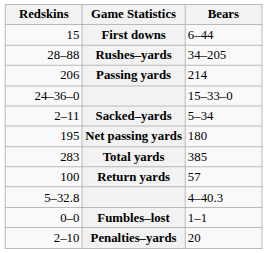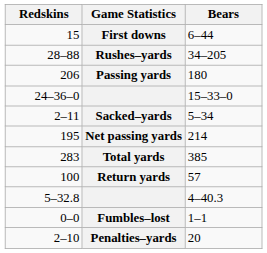 <table class="wikitable" style="margin: 1em auto 1em auto">
 <tr>
 <th style="width:30%;">Redskins</th>
 <th style="width:40%;">Game Statistics</th>
 <th style="width:30%;">Bears</th>
 </tr>
 <tr>
 <td style="text-align:right;">15</td>
 <th>First downs</th>
 <td>6–44</td>
 </tr>
 <tr>
 <td style="text-align:right;">28–88</td>
 <th>Rushes–yards</th>
 <td>34–205</td>
 </tr>
 <tr>
 <td style="text-align:right;">206</td>
 <th>Passing yards</th>
-<td>214</td>
+<td>180</td>
 </tr>
 <tr>
 <td style="text-align:right;">24–36–0</td>
 <th></th>
 <td>15–33–0</td>
 </tr>
 <tr>
 <td style="text-align:right;">2–11</td>
 <th>Sacked–yards</th>
 <td>5–34</td>
 </tr>
 <tr>
 <td style="text-align:right;">195</td>
 <th>Net passing yards</th>
-<td>180</td>
+<td>214</td>
 </tr>
 <tr>
 <td style="text-align:right;">283</td>
 <th>Total yards</th>
 <td>385</td>
 </tr>
 <tr>
 <td style="text-align:right;">100</td>
 <th>Return yards</th>
 <td>57</td>
 </tr>
 <tr>
 <td style="text-align:right;">5–32.8</td>
 <th></th>
 <td>4–40.3</td>
 </tr>
 <tr>
 <td style="text-align:right;">0–0</td>
 <th>Fumbles–lost</th>
 <td>1–1</td>
 </tr>
 <tr>
 <td style="text-align:right;">2–10</td>
 <th>Penalties–yards</th>
 <td>20</td>
 </tr>
 </table>
